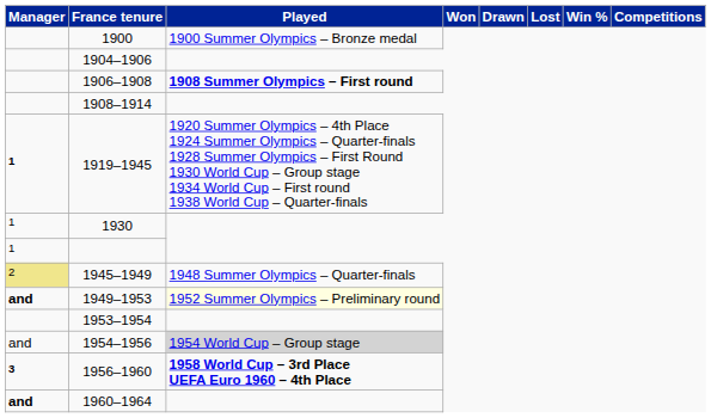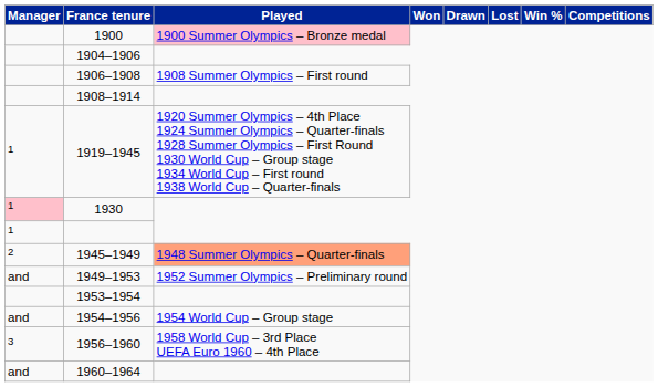 <table class="wikitable plainrowheaders" style="text-align:center; font-size: 95%; border: 1px; text-align: middle; width=100%">
 <tr>
 <th style="background:#002395; color:white; ">Manager</th>
 <th style="background:#002395; color:white; ">France tenure</th>
 <th style="background:#002395; color:white; ">Played</th>
 <th style="background:#002395; color:white; ">Won</th>
 <th style="background:#002395; color:white; ">Drawn</th>
 <th style="background:#002395; color:white; ">Lost</th>
 <th style="background:#002395; color:white; ">Win %</th>
 <th style="background:#002395; color:white; ">Competitions</th>
 </tr>
 <tr>
 <td style ="text-align: left;"> </td>
 <td>1900<br></td>
-<td style="text-align: left;"><a href='#'>1900 Summer Olympics</a> – Bronze medal</td>
+<td style="background: pink; text-align: left;"><a href='#'>1900 Summer Olympics</a> – Bronze medal</td>
 </tr>
 <tr>
 <td style ="text-align: left;"> </td>
 <td>1904–1906<br></td>
 </tr>
 <tr>
 <td style ="text-align: left;"> <br> </td>
 <td>1906–1908<br></td>
-<td style="text-align: left;"><strong><a href='#'>1908 Summer Olympics</a> – First round</strong></td>
+<td style="text-align: left;"><a href='#'>1908 Summer Olympics</a> – First round</td>
 </tr>
 <tr>
 <td style ="text-align: left;"> </td>
 <td>1908–1914<br></td>
 </tr>
 <tr>
-<td style="text-align: left;"><strong> <sup>1</sup></strong></td>
+<td style="text-align: left;"> <sup>1</sup></td>
 <td>1919–1945<br></td>
 <td style="text-align: left;"><a href='#'>1920 Summer Olympics</a> – 4th Place<br><a href='#'>1924 Summer Olympics</a> – Quarter-finals<br><a href='#'>1928 Summer Olympics</a> – First Round<br><a href='#'>1930 World Cup</a> – Group stage<br><a href='#'>1934 World Cup</a> – First round<br><a href='#'>1938 World Cup</a> – Quarter-finals</td>
 </tr>
 <tr>
-<td style ="text-align: left;"> <sup>1</sup></td>
+<td style ="background: pink; text-align: left;"> <sup>1</sup></td>
 <td>1930</td>
 </tr>
 <tr>
 <td style ="text-align: left;"> <sup>1</sup></td>
 <td></td>
 </tr>
 <tr>
-<td style="background: khaki; text-align: left;"> <sup>2</sup></td>
+<td style="text-align: left;"> <sup>2</sup></td>
 <td>1945–1949<br></td>
-<td style="text-align: left;"><a href='#'>1948 Summer Olympics</a> – Quarter-finals</td>
+<td style="background: lightsalmon; text-align: left;"><a href='#'>1948 Summer Olympics</a> – Quarter-finals</td>
 </tr>
 <tr>
-<td style="text-align: left;"><strong>  and  </strong></td>
+<td style="text-align: left;">  and  </td>
 <td>1949–1953<br></td>
-<td style="background: lightyellow; text-align: left;"><a href='#'>1952 Summer Olympics</a> – Preliminary round</td>
+<td style="text-align: left;"><a href='#'>1952 Summer Olympics</a> – Preliminary round</td>
 </tr>
 <tr>
 <td style="text-align: left;"> </td>
 <td>1953–1954<br></td>
 <td></td>
 </tr>
 <tr>
 <td style="text-align: left;">  and  </td>
 <td>1954–1956<br></td>
-<td style="background: lightgrey; text-align: left;"><a href='#'>1954 World Cup</a> – Group stage</td>
+<td style="text-align: left;"><a href='#'>1954 World Cup</a> – Group stage</td>
 </tr>
 <tr>
-<td style="text-align: left;"><strong> <sup>3</sup></strong></td>
+<td style="text-align: left;"> <sup>3</sup></td>
 <td>1956–1960<br></td>
-<td style="text-align: left;"><strong><a href='#'>1958 World Cup</a> – 3rd Place<br><a href='#'>UEFA Euro 1960</a> – 4th Place</strong></td>
+<td style="text-align: left;"><a href='#'>1958 World Cup</a> – 3rd Place<br><a href='#'>UEFA Euro 1960</a> – 4th Place</td>
 </tr>
 <tr>
-<td style="text-align: left;"><strong>  and  </strong></td>
+<td style="text-align: left;">  and  </td>
 <td>1960–1964<br></td>
 <td style="text-align: left;"></td>
 </tr>
 </table>
